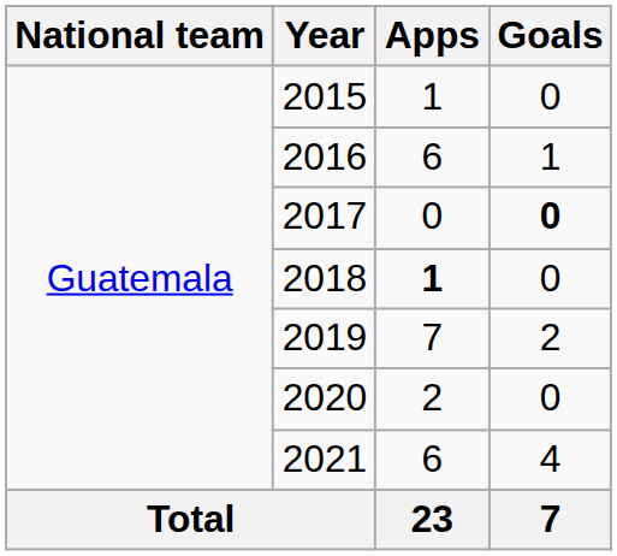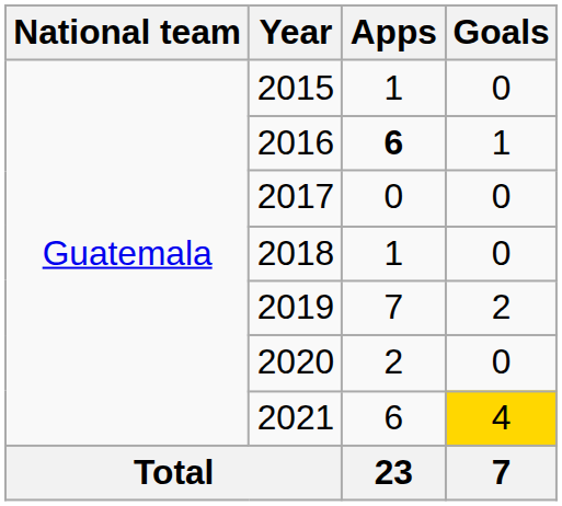 <table class="wikitable" style="text-align:center">
 <tr>
 <th>National team</th>
 <th>Year</th>
 <th>Apps</th>
 <th>Goals</th>
 </tr>
 <tr>
 <td rowspan="7"><a href='#'>Guatemala</a></td>
 <td>2015</td>
 <td>1</td>
 <td>0</td>
 </tr>
 <tr>
 <td>2016</td>
-<td>6</td>
+<td><strong>6</strong></td>
 <td>1</td>
 </tr>
 <tr>
 <td>2017</td>
 <td>0</td>
-<td><strong>0</strong></td>
+<td>0</td>
 </tr>
 <tr>
 <td>2018</td>
-<td><strong>1</strong></td>
+<td>1</td>
 <td>0</td>
 </tr>
 <tr>
 <td>2019</td>
 <td>7</td>
 <td>2</td>
 </tr>
 <tr>
 <td>2020</td>
 <td>2</td>
 <td>0</td>
 </tr>
 <tr>
 <td>2021</td>
 <td>6</td>
-<td>4</td>
+<td style="background: gold;">4</td>
 </tr>
 <tr>
 <th colspan="2">Total</th>
 <th>23</th>
 <th>7</th>
 </tr>
 </table>
